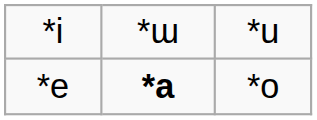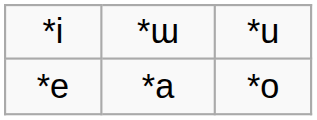 <table class="wikitable" style="width: 9em; text-align: center;">
 <tr>
 <td>*i</td>
 <td>*ɯ</td>
 <td>*u</td>
 </tr>
 <tr>
 <td>*e</td>
-<td><strong>*a</strong></td>
+<td>*a</td>
 <td>*o</td>
 </tr>
 </table>
